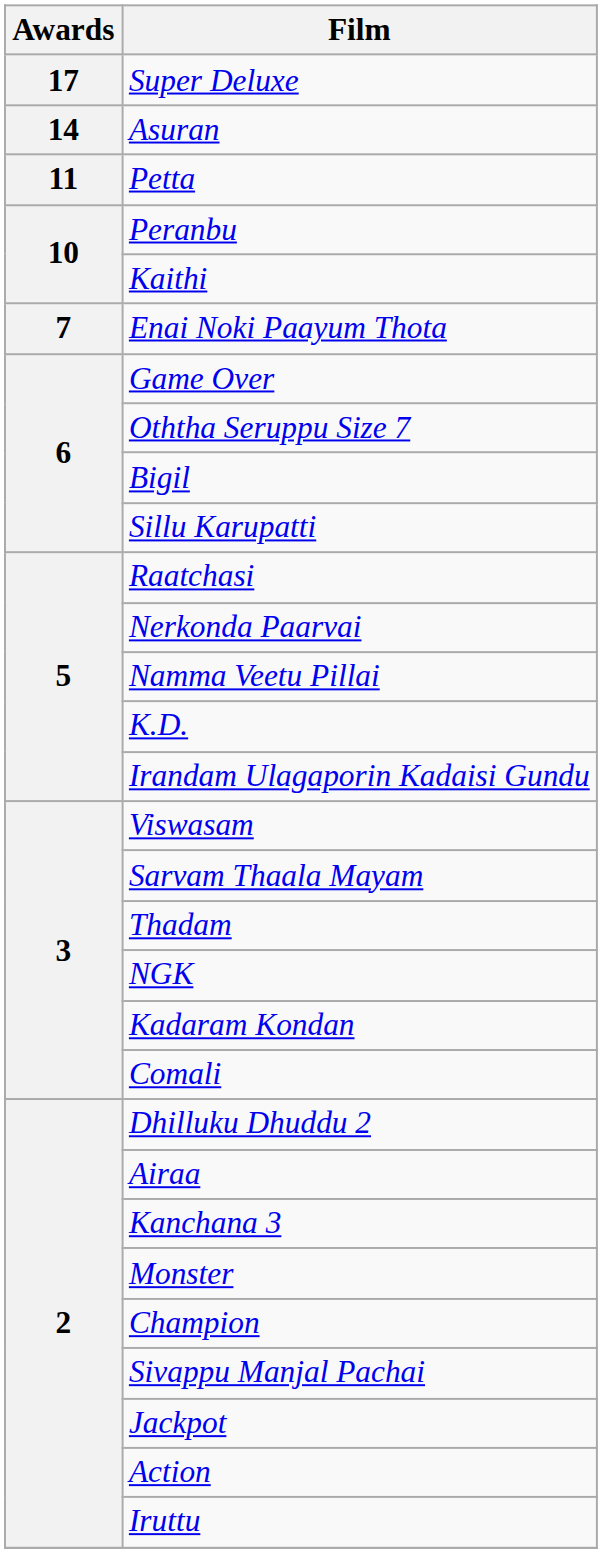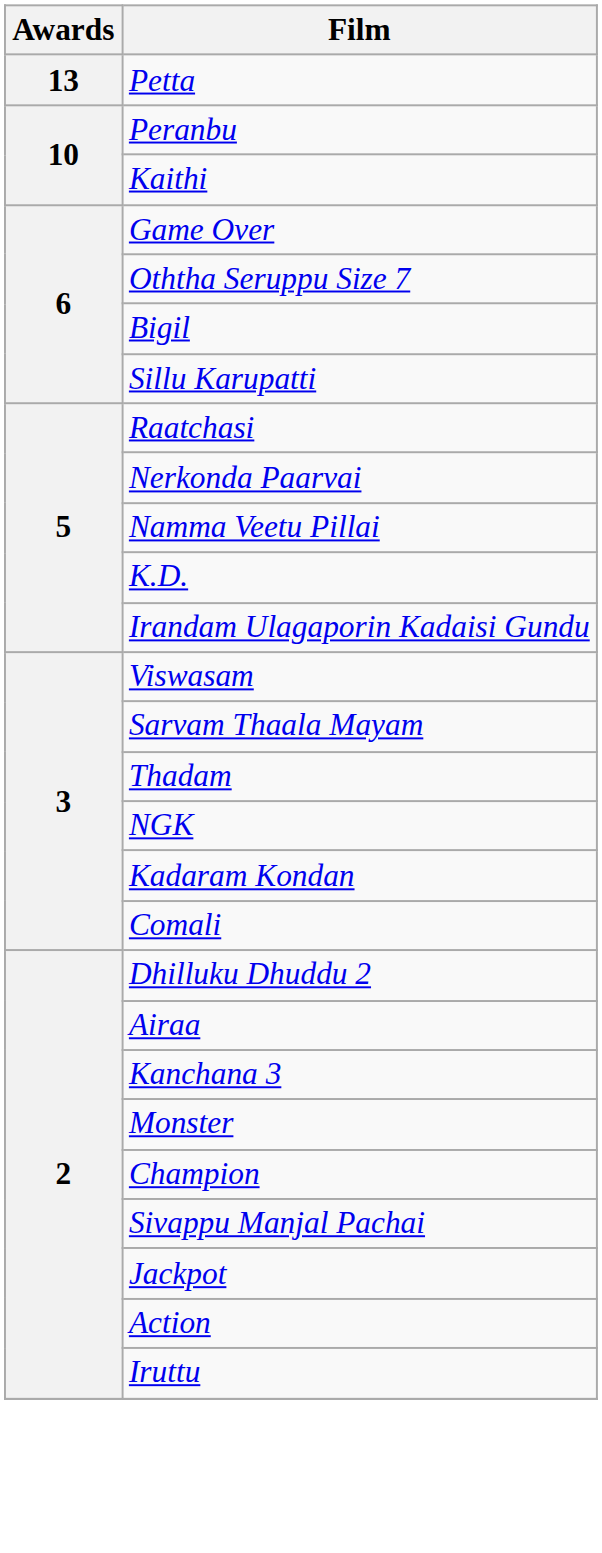 <table class="wikitable" style="display:inline-table;">
 <tr>
 <th>Awards</th>
 <th>Film</th>
 </tr>
 <tr>
-<th scope=row>17</th>
-<td><em><a href='#'>Super Deluxe</a></em></td>
-</tr>
-<tr>
-<th scope=row>14</th>
-<td><em><a href='#'>Asuran</a></em></td>
-</tr>
-<tr>
-<th scope=row>11</th>
+<th scope=row>13</th>
 <td><em><a href='#'>Petta</a></em></td>
 </tr>
 <tr>
 <th rowspan=2>10</th>
 <td><em><a href='#'>Peranbu</a></em></td>
 </tr>
 <tr>
 <td><em><a href='#'>Kaithi</a></em></td>
-</tr>
-<tr>
-<th scope=row>7</th>
-<td><em><a href='#'>Enai Noki Paayum Thota</a></em></td>
 </tr>
 <tr>
 <th rowspan=4>6</th>
 <td><em><a href='#'>Game Over</a></em></td>
 </tr>
 <tr>
 <td><em><a href='#'>Oththa Seruppu Size 7</a></em></td>
 </tr>
 <tr>
 <td><em><a href='#'>Bigil</a></em></td>
 </tr>
 <tr>
 <td><em><a href='#'>Sillu Karupatti</a></em></td>
 </tr>
 <tr>
 <th rowspan=5>5</th>
 <td><em><a href='#'>Raatchasi</a></em></td>
 </tr>
 <tr>
 <td><em><a href='#'>Nerkonda Paarvai</a></em></td>
 </tr>
 <tr>
 <td><em><a href='#'>Namma Veetu Pillai</a></em></td>
 </tr>
 <tr>
 <td><em><a href='#'>K.D.</a></em></td>
 </tr>
 <tr>
 <td><em><a href='#'>Irandam Ulagaporin Kadaisi Gundu</a></em></td>
 </tr>
 <tr>
 <th rowspan=6>3</th>
 <td><em><a href='#'>Viswasam</a></em></td>
 </tr>
 <tr>
 <td><em><a href='#'>Sarvam Thaala Mayam</a></em></td>
 </tr>
 <tr>
 <td><em><a href='#'>Thadam</a></em></td>
 </tr>
 <tr>
 <td><em><a href='#'>NGK</a></em></td>
 </tr>
 <tr>
 <td><em><a href='#'>Kadaram Kondan</a></em></td>
 </tr>
 <tr>
 <td><em><a href='#'>Comali</a></em></td>
 </tr>
 <tr>
 <th rowspan=9>2</th>
 <td><em><a href='#'>Dhilluku Dhuddu 2</a></em></td>
 </tr>
 <tr>
 <td><em><a href='#'>Airaa</a></em></td>
 </tr>
 <tr>
 <td><em><a href='#'>Kanchana 3</a></em></td>
 </tr>
 <tr>
 <td><em><a href='#'>Monster</a></em></td>
 </tr>
 <tr>
 <td><em><a href='#'>Champion</a></em></td>
 </tr>
 <tr>
 <td><em><a href='#'>Sivappu Manjal Pachai</a></em></td>
 </tr>
 <tr>
 <td><em><a href='#'>Jackpot</a></em></td>
 </tr>
 <tr>
 <td><em><a href='#'>Action</a></em></td>
 </tr>
 <tr>
 <td><em><a href='#'>Iruttu</a></em></td>
 </tr>
 <tr>
 </tr>
 </table>
